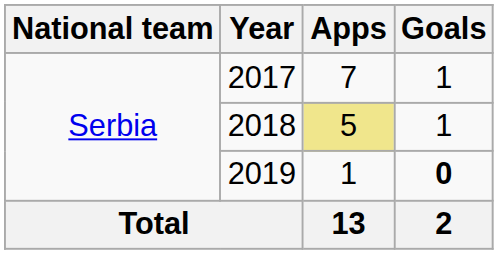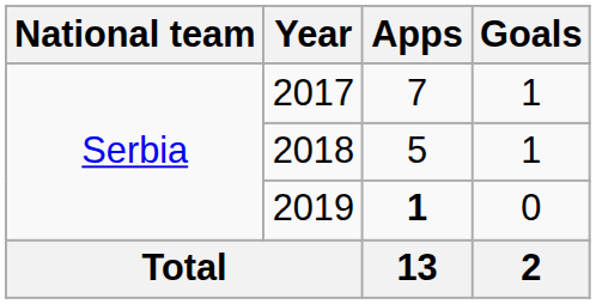 <table class="wikitable" style="text-align:center">
 <tr>
 <th>National team</th>
 <th>Year</th>
 <th>Apps</th>
 <th>Goals</th>
 </tr>
 <tr>
 <td rowspan="3"><a href='#'>Serbia</a></td>
 <td>2017</td>
 <td>7</td>
 <td>1</td>
 </tr>
 <tr>
 <td>2018</td>
-<td style="background: khaki;">5</td>
+<td>5</td>
 <td>1</td>
 </tr>
 <tr>
 <td>2019</td>
-<td>1</td>
-<td><strong>0</strong></td>
+<td><strong>1</strong></td>
+<td>0</td>
 </tr>
 <tr>
 <th colspan="2">Total</th>
 <th>13</th>
 <th>2</th>
 </tr>
 </table>
